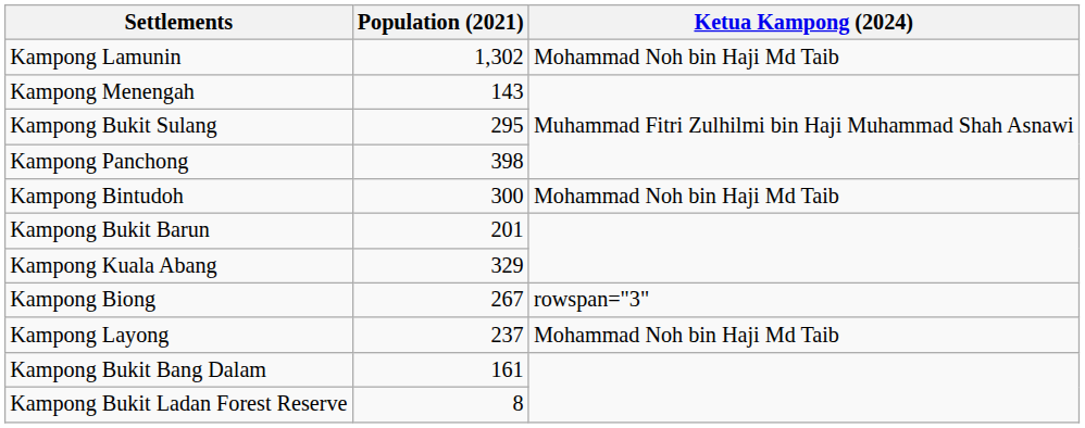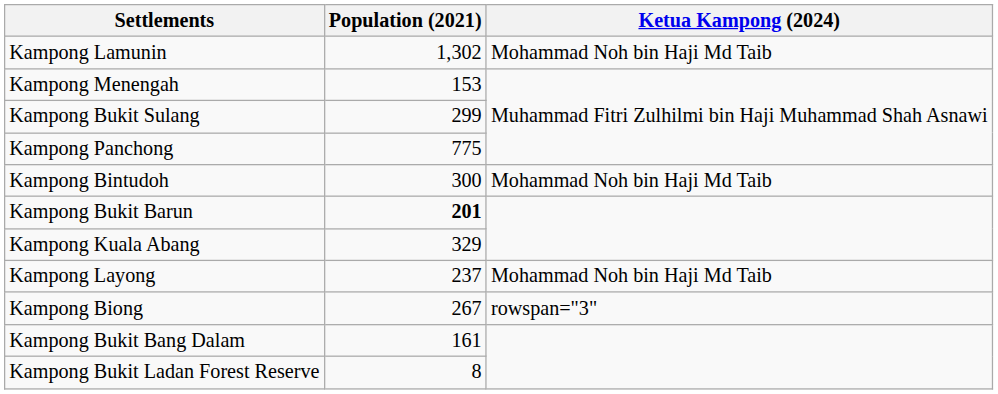 <table class="wikitable">
 <tr>
 <th>Settlements</th>
 <th>Population (2021)</th>
 <th><a href='#'>Ketua Kampong</a> (2024)</th>
 </tr>
 <tr>
 <td>Kampong Lamunin</td>
 <td align="right">1,302</td>
 <td>Mohammad Noh bin Haji Md Taib</td>
 </tr>
 <tr>
 <td>Kampong Menengah</td>
-<td align="right">143</td>
+<td align="right">153</td>
 <td rowspan="3">Muhammad Fitri Zulhilmi bin Haji Muhammad Shah Asnawi</td>
 </tr>
 <tr>
 <td>Kampong Bukit Sulang</td>
-<td align="right">295</td>
+<td align="right">299</td>
 </tr>
 <tr>
 <td>Kampong Panchong</td>
-<td align="right">398</td>
+<td align="right">775</td>
 </tr>
 <tr>
 <td>Kampong Bintudoh</td>
 <td align="right">300</td>
 <td>Mohammad Noh bin Haji Md Taib</td>
 </tr>
 <tr>
 <td>Kampong Bukit Barun</td>
-<td align="right">201</td>
+<td align="right"><strong>201</strong></td>
 </tr>
 <tr>
 <td>Kampong Kuala Abang</td>
 <td align="right">329</td>
 </tr>
 <tr>
+<td>Kampong Layong</td>
+<td align="right">237</td>
+<td>Mohammad Noh bin Haji Md Taib</td>
+</tr>
+<tr>
 <td>Kampong Biong</td>
 <td align="right">267</td>
 <td>rowspan="3" </td>
-</tr>
-<tr>
-<td>Kampong Layong</td>
-<td align="right">237</td>
-<td>Mohammad Noh bin Haji Md Taib</td>
 </tr>
 <tr>
 <td>Kampong Bukit Bang Dalam</td>
 <td align="right">161</td>
 </tr>
 <tr>
 <td>Kampong Bukit Ladan Forest Reserve</td>
 <td align="right">8</td>
 </tr>
 </table>
